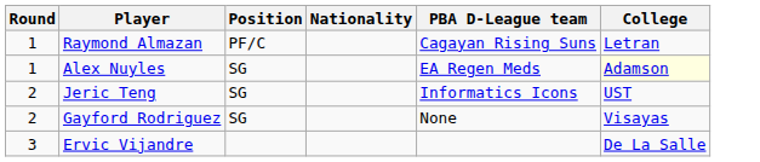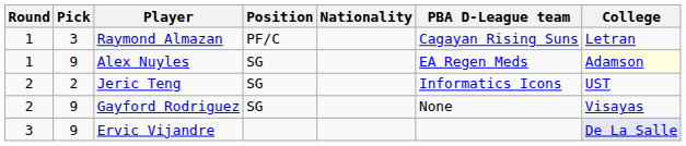 <table class="wikitable sortable sortable">
 <tr>
 <th>Round</th>
+<th>Pick</th>
 <th>Player</th>
 <th>Position</th>
 <th>Nationality</th>
 <th>PBA D-League team</th>
 <th>College</th>
 </tr>
 <tr>
 <td align=center>1</td>
+<td align=center>3</td>
 <td><a href='#'>Raymond Almazan</a></td>
 <td>PF/C</td>
 <td></td>
 <td><a href='#'>Cagayan Rising Suns</a></td>
 <td><a href='#'>Letran</a></td>
 </tr>
 <tr>
 <td align=center>1</td>
+<td align=center>9</td>
 <td><a href='#'>Alex Nuyles</a></td>
 <td>SG</td>
 <td></td>
 <td><a href='#'>EA Regen Meds</a></td>
 <td style="background: lightyellow;"><a href='#'>Adamson</a></td>
 </tr>
 <tr>
+<td align=center>2</td>
 <td align=center>2</td>
 <td><a href='#'>Jeric Teng</a></td>
 <td>SG</td>
 <td></td>
 <td><a href='#'>Informatics Icons</a></td>
 <td><a href='#'>UST</a></td>
 </tr>
 <tr>
 <td align=center>2</td>
+<td align=center>9</td>
 <td><a href='#'>Gayford Rodriguez</a></td>
 <td>SG</td>
 <td></td>
 <td>None</td>
 <td><a href='#'>Visayas</a></td>
 </tr>
 <tr>
 <td align=center>3</td>
+<td align=center>9</td>
 <td><a href='#'>Ervic Vijandre</a></td>
 <td></td>
 <td></td>
 <td></td>
-<td><a href='#'>De La Salle</a></td>
+<td style="background: lavender;"><a href='#'>De La Salle</a></td>
 </tr>
 </table>
